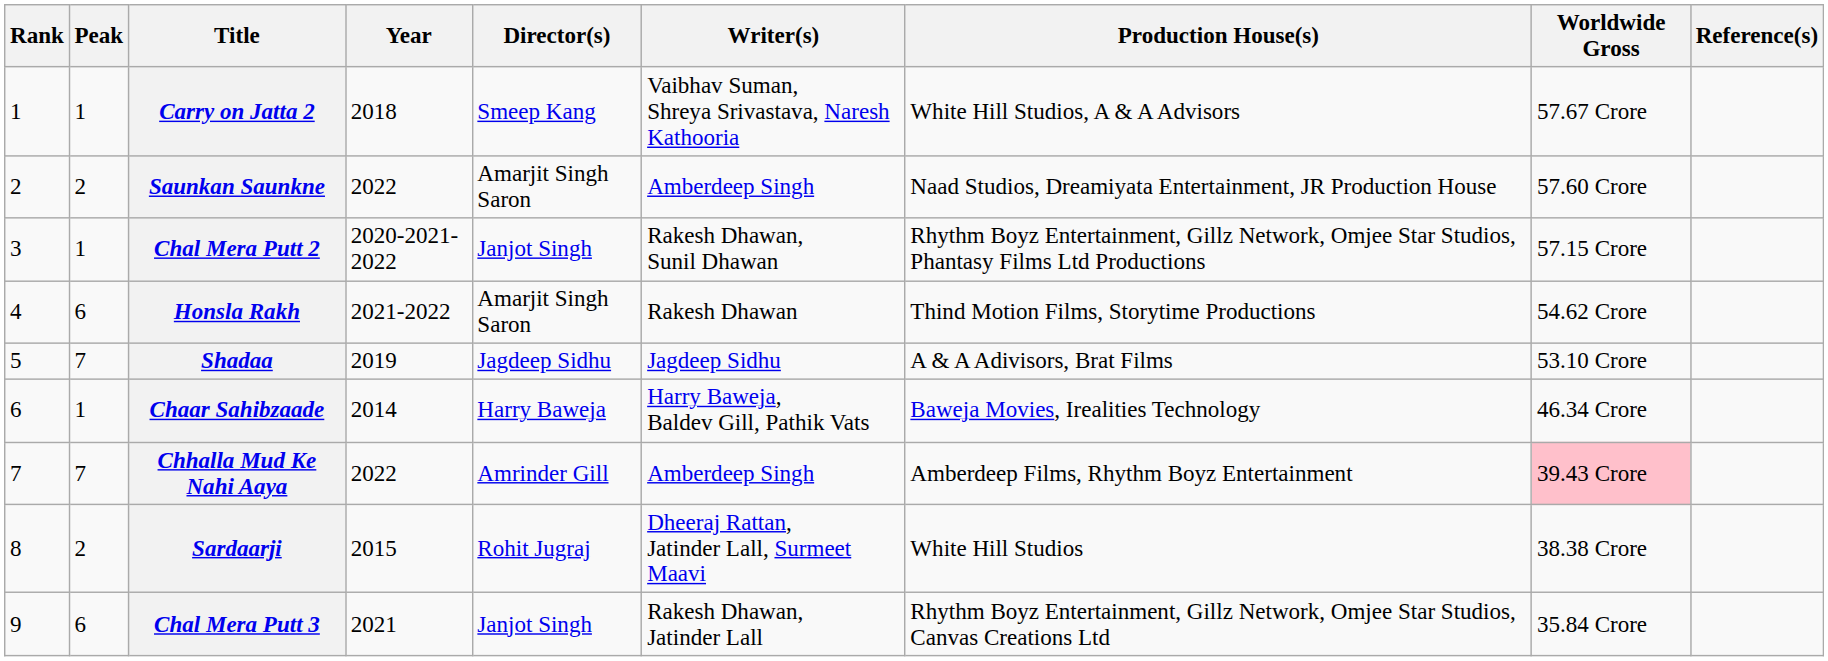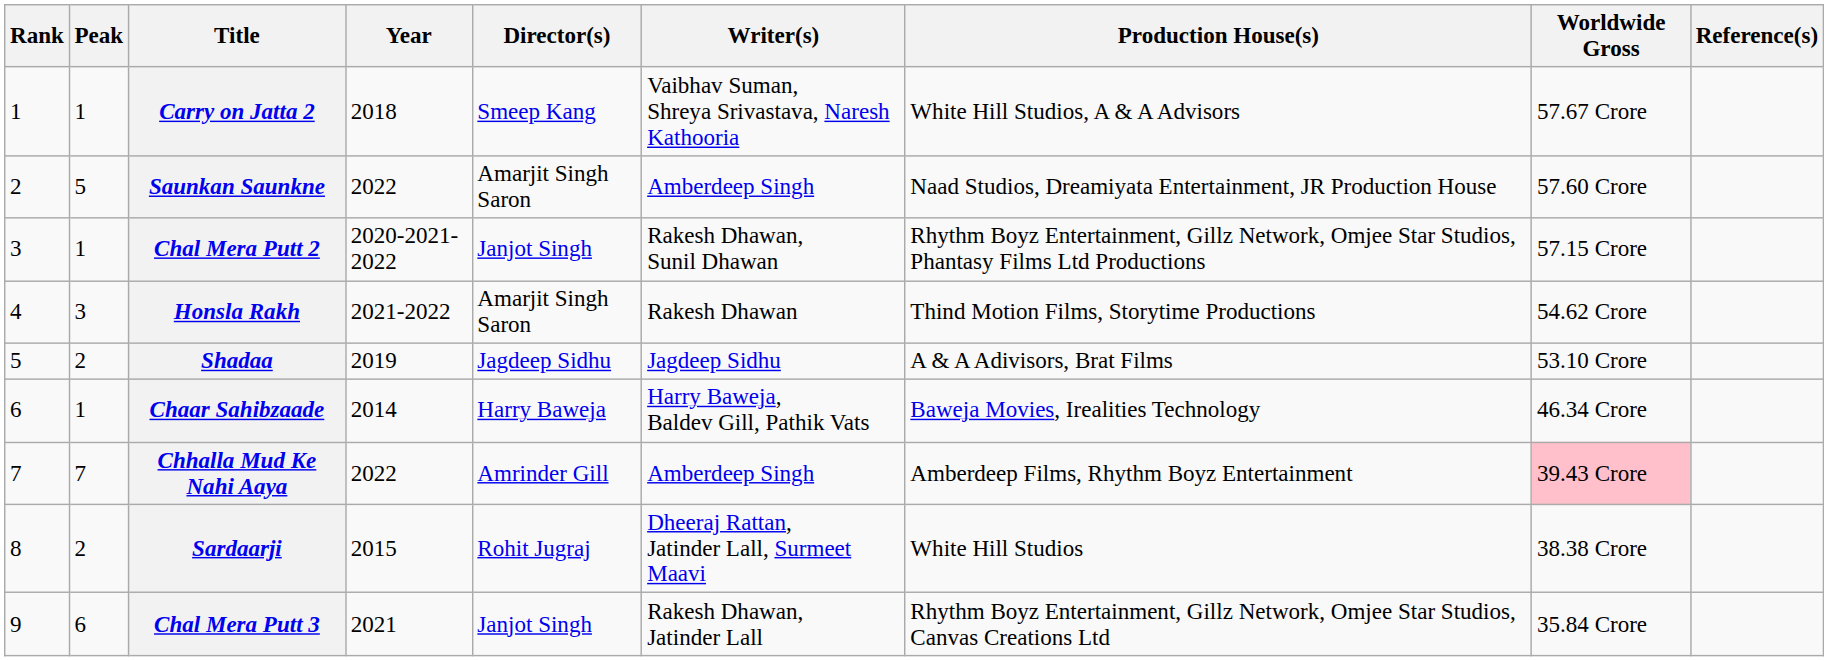 <table class="wikitable sortable plainrowheaders" style="margin:auto; margin:auto;">
 <tr>
 <th scope="col">Rank</th>
 <th scope="col">Peak</th>
 <th scope="col">Title</th>
 <th scope="col">Year</th>
 <th scope="col">Director(s)</th>
 <th scope="col">Writer(s)</th>
 <th scope="col">Production House(s)</th>
 <th scope="col">Worldwide Gross</th>
 <th scope="col" class="unsortable">Reference(s)</th>
 </tr>
 <tr>
 <td>1</td>
 <td>1</td>
 <th scope="row"><em><a href='#'>Carry on Jatta 2</a></em></th>
 <td>2018</td>
 <td><a href='#'>Smeep Kang</a></td>
 <td>Vaibhav Suman,<br>Shreya Srivastava,  <a href='#'>Naresh Kathooria</a></td>
 <td>White Hill Studios, A & A Advisors</td>
 <td>57.67 Crore</td>
 <td><br>  </td>
 </tr>
 <tr>
 <td>2</td>
-<td>2</td>
+<td>5</td>
 <th scope="row"><em><a href='#'>Saunkan Saunkne</a></em></th>
 <td>2022</td>
 <td>Amarjit Singh Saron</td>
 <td><a href='#'>Amberdeep Singh</a></td>
 <td>Naad Studios, Dreamiyata Entertainment, JR Production House</td>
 <td>57.60 Crore</td>
 <td></td>
 </tr>
 <tr>
 <td>3</td>
 <td>1</td>
 <th scope="row"><em><a href='#'>Chal Mera Putt 2</a></em></th>
 <td>2020-2021-2022</td>
 <td><a href='#'>Janjot Singh</a></td>
 <td>Rakesh Dhawan,<br>Sunil Dhawan</td>
 <td>Rhythm Boyz Entertainment, Gillz Network, Omjee Star Studios, Phantasy Films Ltd Productions</td>
 <td>57.15 Crore</td>
 <td></td>
 </tr>
 <tr>
 <td>4</td>
-<td>6</td>
+<td>3</td>
 <th scope="row"><em><a href='#'>Honsla Rakh</a></em></th>
 <td>2021-2022</td>
 <td>Amarjit Singh Saron</td>
 <td>Rakesh Dhawan</td>
 <td>Thind Motion Films, Storytime Productions</td>
 <td>54.62 Crore</td>
 <td></td>
 </tr>
 <tr>
 <td>5</td>
-<td>7</td>
+<td>2</td>
 <th scope="row"><em><a href='#'>Shadaa</a></em></th>
 <td>2019</td>
 <td><a href='#'>Jagdeep Sidhu</a></td>
 <td><a href='#'>Jagdeep Sidhu</a></td>
 <td>A & A Adivisors, Brat Films</td>
 <td>53.10 Crore</td>
 <td></td>
 </tr>
 <tr>
 <td>6</td>
 <td>1</td>
 <th scope="row"><em><a href='#'>Chaar Sahibzaade</a></em></th>
 <td>2014</td>
 <td><a href='#'>Harry Baweja</a></td>
 <td><a href='#'>Harry Baweja</a>,<br>Baldev Gill, Pathik Vats</td>
 <td><a href='#'>Baweja Movies</a>, Irealities Technology</td>
 <td>46.34 Crore</td>
 <td></td>
 </tr>
 <tr>
 <td>7</td>
 <td>7</td>
 <th scope="row"><em><a href='#'>Chhalla Mud Ke Nahi Aaya</a></em></th>
 <td>2022</td>
 <td><a href='#'>Amrinder Gill</a></td>
 <td><a href='#'>Amberdeep Singh</a></td>
 <td>Amberdeep Films, Rhythm Boyz Entertainment</td>
 <td style="background: pink;">39.43 Crore</td>
 <td></td>
 </tr>
 <tr>
 <td>8</td>
 <td>2</td>
 <th scope="row"><em><a href='#'>Sardaarji</a></em></th>
 <td>2015</td>
 <td><a href='#'>Rohit Jugraj</a></td>
 <td><a href='#'>Dheeraj Rattan</a>,<br>Jatinder Lall, <a href='#'>Surmeet Maavi</a></td>
 <td>White Hill Studios</td>
 <td>38.38 Crore</td>
 <td></td>
 </tr>
 <tr>
 <td>9</td>
 <td>6</td>
 <th scope="row"><em><a href='#'>Chal Mera Putt 3</a></em></th>
 <td>2021</td>
 <td><a href='#'>Janjot Singh</a></td>
 <td>Rakesh Dhawan,<br>Jatinder Lall</td>
 <td>Rhythm Boyz Entertainment, Gillz Network, Omjee Star Studios, Canvas Creations Ltd</td>
 <td>35.84 Crore</td>
 <td></td>
 </tr>
 </table>
